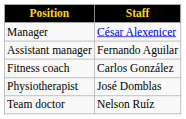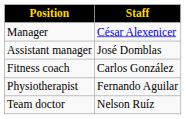 <table class="wikitable">
 <tr>
 <th style=background-color:Black;color:gold>Position</th>
 <th style=background-color:black;color:gold>Staff</th>
 </tr>
 <tr>
 </tr>
 <tr>
 <td>Manager</td>
 <td> <a href='#'>César Alexenicer</a></td>
 </tr>
 <tr>
 <td>Assistant manager</td>
-<td> Fernando Aguilar</td>
+<td> José Domblas</td>
 </tr>
 <tr>
 <td>Fitness coach</td>
 <td> Carlos González</td>
 </tr>
 <tr>
 <td>Physiotherapist</td>
-<td> José Domblas</td>
+<td> Fernando Aguilar</td>
 </tr>
 <tr>
 <td>Team doctor</td>
 <td> Nelson Ruíz</td>
 </tr>
 </table>
